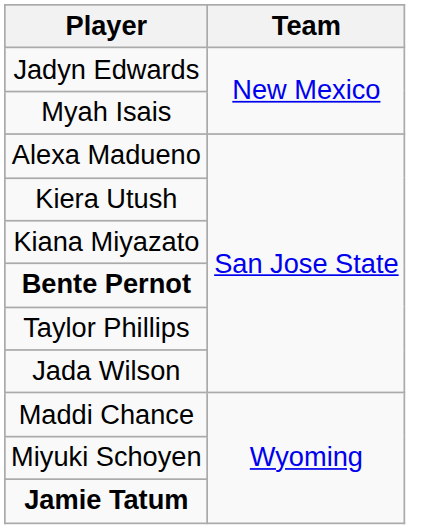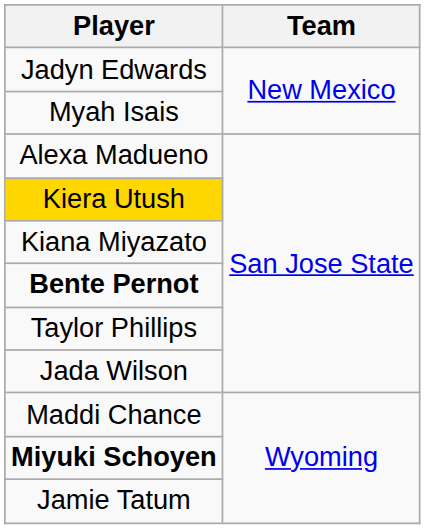 <table class="wikitable" style="text-align: center;">
 <tr>
 <th>Player</th>
 <th>Team</th>
 </tr>
 <tr>
 <td>Jadyn Edwards</td>
 <td rowspan=2><a href='#'>New Mexico</a></td>
 </tr>
 <tr>
 <td>Myah Isais</td>
 </tr>
 <tr>
 <td>Alexa Madueno</td>
 <td rowspan=6><a href='#'>San Jose State</a></td>
 </tr>
 <tr>
-<td>Kiera Utush</td>
+<td style="background: gold;">Kiera Utush</td>
 </tr>
 <tr>
 <td>Kiana Miyazato</td>
 </tr>
 <tr>
 <td><strong>Bente Pernot</strong></td>
 </tr>
 <tr>
 <td>Taylor Phillips</td>
 </tr>
 <tr>
 <td>Jada Wilson</td>
 </tr>
 <tr>
 <td>Maddi Chance</td>
 <td rowspan=3><a href='#'>Wyoming</a></td>
 </tr>
 <tr>
-<td>Miyuki Schoyen</td>
+<td><strong>Miyuki Schoyen</strong></td>
 </tr>
 <tr>
-<td><strong>Jamie Tatum</strong></td>
+<td>Jamie Tatum</td>
 </tr>
 </table>
